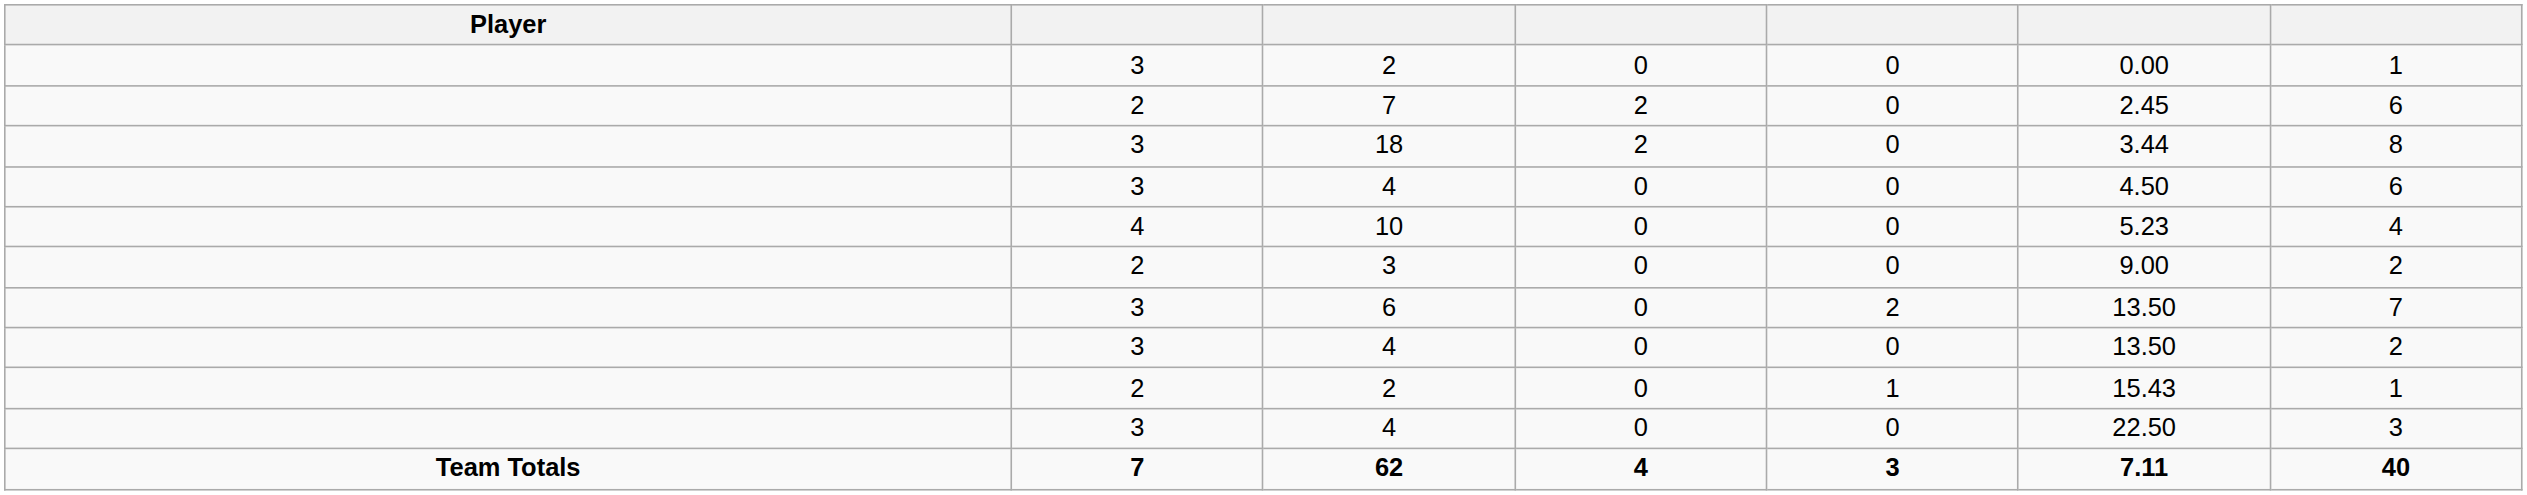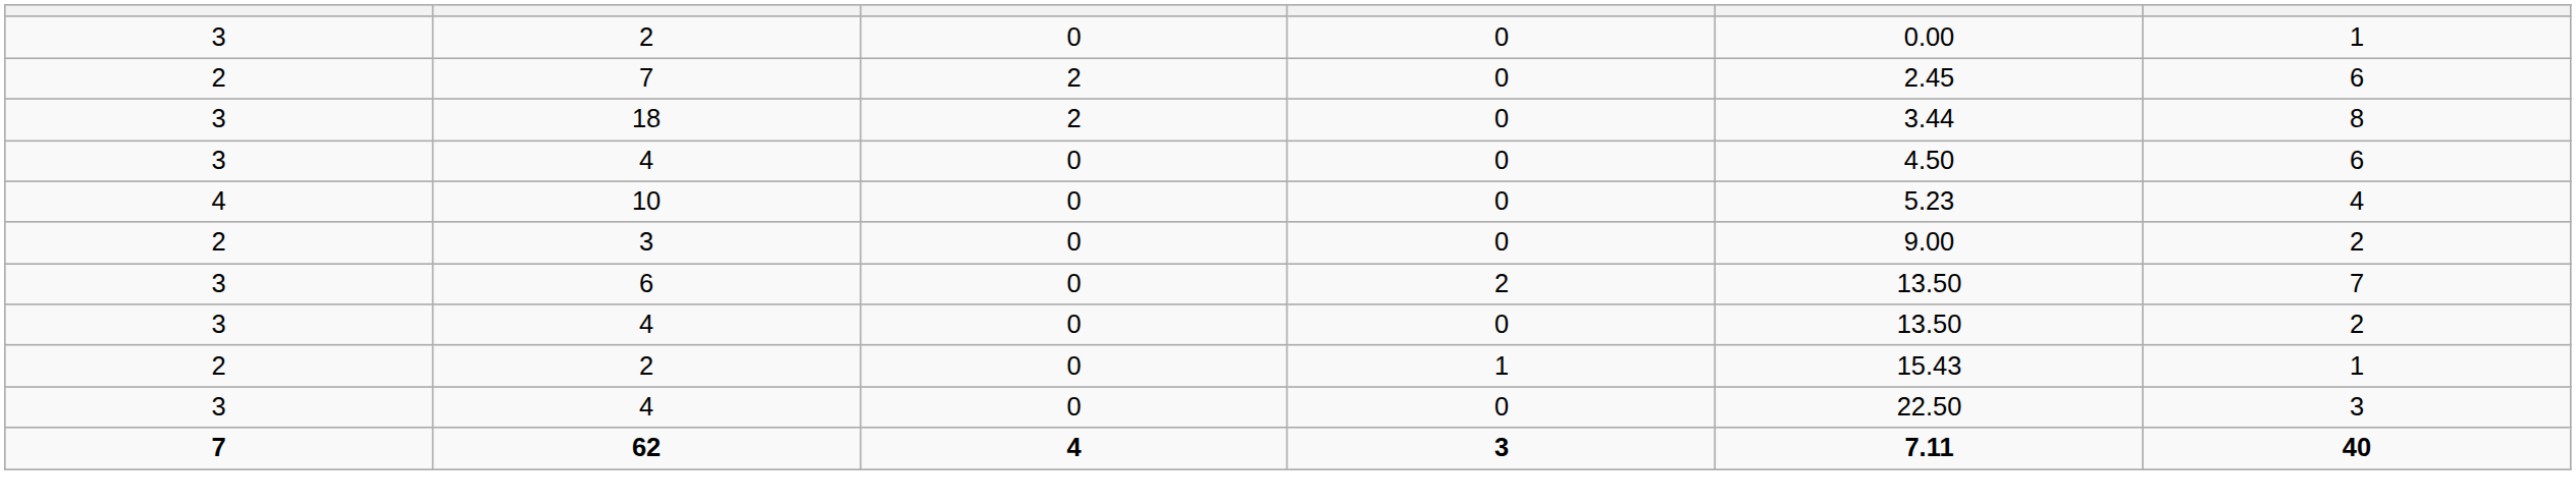 <table class="wikitable sortable" style="text-align:center;" width="100%">
 <tr>
-<th width="40%">Player</th>
 <th width="10%"></th>
 <th width="10%" data-sort-type="number"></th>
 <th width="10%"></th>
 <th width="10%"></th>
 <th width="10%"></th>
 <th width="10%"></th>
 </tr>
 <tr>
-<td></td>
 <td>3</td>
 <td>2</td>
 <td>0</td>
 <td>0</td>
 <td>0.00</td>
 <td>1</td>
 </tr>
 <tr>
-<td></td>
 <td>2</td>
 <td>7</td>
 <td>2</td>
 <td>0</td>
 <td>2.45</td>
 <td>6</td>
 </tr>
 <tr>
-<td></td>
 <td>3</td>
 <td>18</td>
 <td>2</td>
 <td>0</td>
 <td>3.44</td>
 <td>8</td>
 </tr>
 <tr>
-<td></td>
 <td>3</td>
 <td>4</td>
 <td>0</td>
 <td>0</td>
 <td>4.50</td>
 <td>6</td>
 </tr>
 <tr>
-<td></td>
 <td>4</td>
 <td>10</td>
 <td>0</td>
 <td>0</td>
 <td>5.23</td>
 <td>4</td>
 </tr>
 <tr>
-<td></td>
 <td>2</td>
 <td>3</td>
 <td>0</td>
 <td>0</td>
 <td>9.00</td>
 <td>2</td>
 </tr>
 <tr>
-<td></td>
 <td>3</td>
 <td>6</td>
 <td>0</td>
 <td>2</td>
 <td>13.50</td>
 <td>7</td>
 </tr>
 <tr>
-<td></td>
 <td>3</td>
 <td>4</td>
 <td>0</td>
 <td>0</td>
 <td>13.50</td>
 <td>2</td>
 </tr>
 <tr>
-<td></td>
 <td>2</td>
 <td>2</td>
 <td>0</td>
 <td>1</td>
 <td>15.43</td>
 <td>1</td>
 </tr>
 <tr>
-<td></td>
 <td>3</td>
 <td>4</td>
 <td>0</td>
 <td>0</td>
 <td>22.50</td>
 <td>3</td>
 </tr>
 <tr>
-<td><strong>Team Totals</strong></td>
 <td><strong>7</strong></td>
 <td><strong>62</strong></td>
 <td><strong>4</strong></td>
 <td><strong>3</strong></td>
 <td><strong>7.11</strong></td>
 <td><strong>40</strong></td>
 </tr>
 </table>
